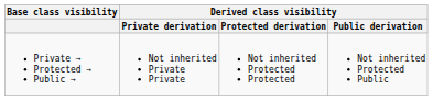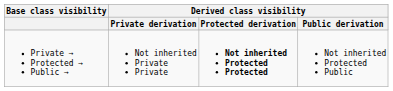 <table class="wikitable">
 <tr style="background:#ccc;">
 <th>Base class visibility</th>
 <th colspan=3>Derived class visibility</th>
 </tr>
 <tr style="background:#ccc;">
 <th></th>
 <th>Private derivation</th>
 <th>Protected derivation</th>
 <th>Public derivation</th>
 </tr>
 <tr>
 <td style="vertical-align:top;"><br><ul><li>Private →</li><li>Protected →</li><li>Public →</li></ul></td>
 <td style="vertical-align:top;"><br><ul><li>Not inherited</li><li>Private</li><li>Private</li></ul></td>
-<td style="vertical-align:top;"><br><ul><li>Not inherited</li><li>Protected</li><li>Protected</li></ul></td>
+<td style="vertical-align:top;"><strong><br><ul><li>Not inherited</li><li>Protected</li><li>Protected</li></ul></strong></td>
 <td style="vertical-align:top;"><br><ul><li>Not inherited</li><li>Protected</li><li>Public</li></ul></td>
 </tr>
 </table>
